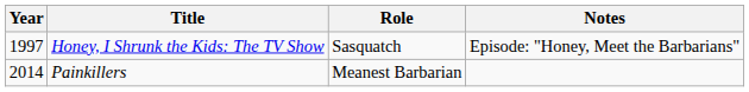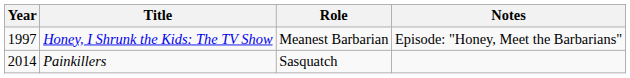 <table class="wikitable sortable" style="float: centre; margin-centre: 0; margin-centre: 1em;">
 <tr>
 <th>Year</th>
 <th>Title</th>
 <th>Role</th>
 <th>Notes</th>
 </tr>
 <tr>
 <td>1997</td>
 <td><em><a href='#'>Honey, I Shrunk the Kids: The TV Show</a></em></td>
-<td>Sasquatch</td>
+<td>Meanest Barbarian</td>
 <td>Episode: "Honey, Meet the Barbarians"</td>
 </tr>
 <tr>
 <td>2014</td>
 <td><em>Painkillers</em></td>
-<td>Meanest Barbarian</td>
+<td>Sasquatch</td>
 <td></td>
 </tr>
 </table>
